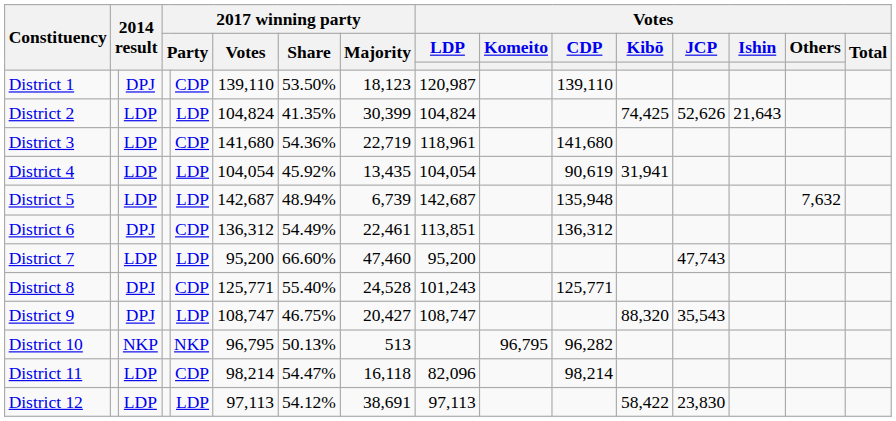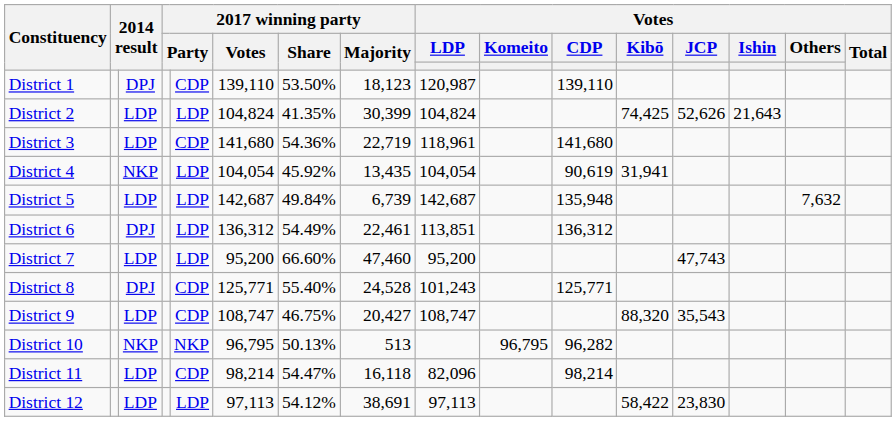 <table class="wikitable sortable" style="text-align:right; font-size:95%">
 <tr>
 <th rowspan="3" scope="col" style="text-align:left;">Constituency</th>
 <th colspan="2" rowspan="3" scope="col">2014<br>result</th>
 <th colspan="5">2017 winning party</th>
 <th colspan="8" scope="col">Votes</th>
 </tr>
 <tr>
 <th colspan="2" rowspan="2">Party</th>
 <th rowspan="2" scope="col">Votes</th>
 <th rowspan="2" scope="col">Share</th>
 <th rowspan="2" scope="col">Majority</th>
 <th scope="col"><a href='#'>LDP</a></th>
 <th scope="col"><a href='#'>Komeito</a></th>
 <th scope="col"><a href='#'>CDP</a></th>
 <th scope="col"><a href='#'>Kibō</a></th>
 <th scope="col"><a href='#'>JCP</a></th>
 <th scope="col"><a href='#'>Ishin</a></th>
 <th scope="col">Others</th>
 <th rowspan="2" scope="col">Total</th>
 </tr>
 <tr>
 <th scope="col" style="background:"></th>
 <th scope="col" style="background:"></th>
 <th scope="col" style="background:"></th>
 <th scope="col" style="background:"></th>
 <th scope="col" style="background:"></th>
 <th scope="col" style="background:"></th>
 <th></th>
 </tr>
 <tr>
 <td style="text-align:left;"><a href='#'>District 1</a></td>
 <td style="background:"></td>
 <td style="text-align:center;"><a href='#'>DPJ</a></td>
 <td style="background:"></td>
 <td><a href='#'>CDP</a></td>
 <td>139,110</td>
 <td>53.50%</td>
 <td>18,123</td>
 <td>120,987</td>
 <td></td>
 <td>139,110</td>
 <td></td>
 <td></td>
 <td></td>
 <td></td>
 <td></td>
 </tr>
 <tr>
 <td style="text-align:left;"><a href='#'>District 2</a></td>
 <td style="background:"></td>
 <td style="text-align:center;"><a href='#'>LDP</a></td>
 <td style="background:"></td>
 <td><a href='#'>LDP</a></td>
 <td>104,824</td>
 <td>41.35%</td>
 <td>30,399</td>
 <td>104,824</td>
 <td></td>
 <td></td>
 <td>74,425</td>
 <td>52,626</td>
 <td>21,643</td>
 <td></td>
 <td></td>
 </tr>
 <tr>
 <td style="text-align:left;"><a href='#'>District 3</a></td>
 <td style="background:"></td>
 <td style="text-align:center;"><a href='#'>LDP</a></td>
 <td style="background:"></td>
 <td><a href='#'>CDP</a></td>
 <td>141,680</td>
 <td>54.36%</td>
 <td>22,719</td>
 <td>118,961</td>
 <td></td>
 <td>141,680</td>
 <td></td>
 <td></td>
 <td></td>
 <td></td>
 <td></td>
 </tr>
 <tr>
 <td style="text-align:left;"><a href='#'>District 4</a></td>
 <td style="background:"></td>
-<td style="text-align:center;"><a href='#'>LDP</a></td>
+<td style="text-align:center;"><a href='#'>NKP</a></td>
 <td style="background:"></td>
 <td><a href='#'>LDP</a></td>
 <td>104,054</td>
 <td>45.92%</td>
 <td>13,435</td>
 <td>104,054</td>
 <td></td>
 <td>90,619</td>
 <td>31,941</td>
 <td></td>
 <td></td>
 <td></td>
 <td></td>
 </tr>
 <tr>
 <td style="text-align:left;"><a href='#'>District 5</a></td>
 <td style="background:"></td>
 <td style="text-align:center;"><a href='#'>LDP</a></td>
 <td style="background:"></td>
 <td><a href='#'>LDP</a></td>
 <td>142,687</td>
-<td>48.94%</td>
+<td>49.84%</td>
 <td>6,739</td>
 <td>142,687</td>
 <td></td>
 <td>135,948</td>
 <td></td>
 <td></td>
 <td></td>
 <td>7,632</td>
 <td></td>
 </tr>
 <tr>
 <td style="text-align:left;"><a href='#'>District 6</a></td>
 <td style="background:"></td>
 <td style="text-align:center;"><a href='#'>DPJ</a></td>
 <td style="background:"></td>
-<td><a href='#'>CDP</a></td>
+<td><a href='#'>LDP</a></td>
 <td>136,312</td>
 <td>54.49%</td>
 <td>22,461</td>
 <td>113,851</td>
 <td></td>
 <td>136,312</td>
 <td></td>
 <td></td>
 <td></td>
 <td></td>
 <td></td>
 </tr>
 <tr>
 <td style="text-align:left;"><a href='#'>District 7</a></td>
 <td style="background:"></td>
 <td style="text-align:center;"><a href='#'>LDP</a></td>
 <td style="background:"></td>
 <td><a href='#'>LDP</a></td>
 <td>95,200</td>
 <td>66.60%</td>
 <td>47,460</td>
 <td>95,200</td>
 <td></td>
 <td></td>
 <td></td>
 <td>47,743</td>
 <td></td>
 <td></td>
 <td></td>
 </tr>
 <tr>
 <td style="text-align:left;"><a href='#'>District 8</a></td>
 <td style="background:"></td>
 <td style="text-align:center;"><a href='#'>DPJ</a></td>
 <td style="background:"></td>
 <td><a href='#'>CDP</a></td>
 <td>125,771</td>
 <td>55.40%</td>
 <td>24,528</td>
 <td>101,243</td>
 <td></td>
 <td>125,771</td>
 <td></td>
 <td></td>
 <td></td>
 <td></td>
 <td></td>
 </tr>
 <tr>
 <td style="text-align:left;"><a href='#'>District 9</a></td>
 <td style="background:"></td>
-<td style="text-align:center;"><a href='#'>DPJ</a></td>
+<td style="text-align:center;"><a href='#'>LDP</a></td>
 <td style="background:"></td>
-<td><a href='#'>LDP</a></td>
+<td><a href='#'>CDP</a></td>
 <td>108,747</td>
 <td>46.75%</td>
 <td>20,427</td>
 <td>108,747</td>
 <td></td>
 <td></td>
 <td>88,320</td>
 <td>35,543</td>
 <td></td>
 <td></td>
 <td></td>
 </tr>
 <tr>
 <td style="text-align:left;"><a href='#'>District 10</a></td>
 <td style="background:"></td>
 <td style="text-align:center;"><a href='#'>NKP</a></td>
 <td style="background:"></td>
 <td><a href='#'>NKP</a></td>
 <td>96,795</td>
 <td>50.13%</td>
 <td>513</td>
 <td></td>
 <td>96,795</td>
 <td>96,282</td>
 <td></td>
 <td></td>
 <td></td>
 <td></td>
 <td></td>
 </tr>
 <tr>
 <td style="text-align:left;"><a href='#'>District 11</a></td>
 <td style="background:"></td>
 <td style="text-align:center;"><a href='#'>LDP</a></td>
 <td style="background:"></td>
 <td><a href='#'>CDP</a></td>
 <td>98,214</td>
 <td>54.47%</td>
 <td>16,118</td>
 <td>82,096</td>
 <td></td>
 <td>98,214</td>
 <td></td>
 <td></td>
 <td></td>
 <td></td>
 <td></td>
 </tr>
 <tr>
 <td style="text-align:left;"><a href='#'>District 12</a></td>
 <td style="background:"></td>
 <td style="text-align:center;"><a href='#'>LDP</a></td>
 <td style="background:"></td>
 <td><a href='#'>LDP</a></td>
 <td>97,113</td>
 <td>54.12%</td>
 <td>38,691</td>
 <td>97,113</td>
 <td></td>
 <td></td>
 <td>58,422</td>
 <td>23,830</td>
 <td></td>
 <td></td>
 <td></td>
 </tr>
 </table>
